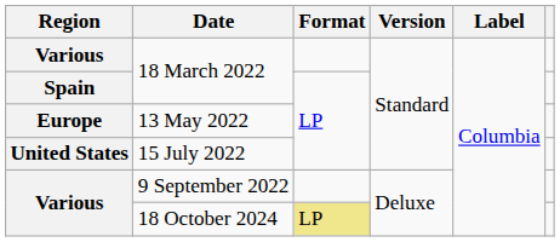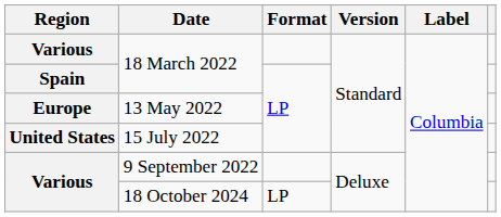 <table class="wikitable sortable plainrowheaders">
 <tr>
 <th scope="col">Region</th>
 <th scope="col">Date</th>
 <th scope="col">Format</th>
 <th scope="col">Version</th>
 <th scope="col">Label</th>
 <th scope="col" class="unsortable"></th>
 </tr>
 <tr>
 <th scope="row">Various</th>
 <td rowspan="2">18 March 2022</td>
 <td></td>
 <td rowspan="4">Standard</td>
 <td rowspan="6"><a href='#'>Columbia</a></td>
 <td style="text-align:center"></td>
 </tr>
 <tr>
 <th scope="row">Spain</th>
 <td rowspan="3"><a href='#'>LP</a></td>
 <td style="text-align:center"></td>
 </tr>
 <tr>
 <th scope="row">Europe</th>
 <td>13 May 2022</td>
 <td style="text-align:center"></td>
 </tr>
 <tr>
 <th scope="row">United States</th>
 <td>15 July 2022</td>
 <td style="text-align:center"></td>
 </tr>
 <tr>
 <th rowspan="2" scope="row">Various</th>
 <td>9 September 2022</td>
 <td></td>
 <td rowspan="2">Deluxe</td>
 <td style="text-align:center"></td>
 </tr>
 <tr>
 <td>18 October 2024</td>
-<td style="background: khaki;">LP</td>
+<td>LP</td>
 <td></td>
 </tr>
 </table>
